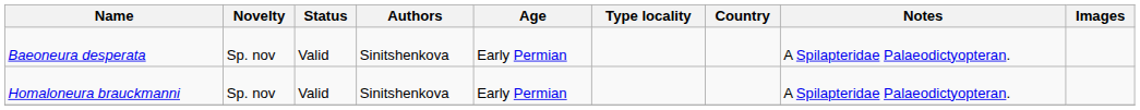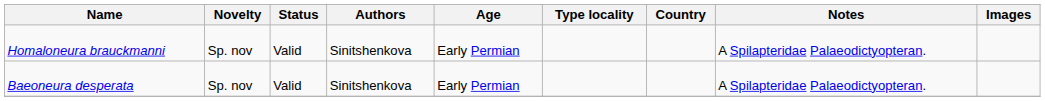 <table class="wikitable sortable" align="center" width="100%">
 <tr>
 <th>Name</th>
 <th>Novelty</th>
 <th>Status</th>
 <th>Authors</th>
 <th>Age</th>
 <th>Type locality</th>
 <th>Country</th>
 <th>Notes</th>
 <th>Images</th>
 </tr>
 <tr>
-<td><br><em><a href='#'>Baeoneura desperata</a></em></td>
+<td><br><em><a href='#'>Homaloneura brauckmanni</a></em></td>
 <td><br>Sp. nov</td>
 <td><br>Valid</td>
 <td><br>Sinitshenkova</td>
 <td><br>Early <a href='#'>Permian</a></td>
 <td></td>
 <td><br></td>
 <td><br>A <a href='#'>Spilapteridae</a> <a href='#'>Palaeodictyopteran</a>.</td>
 <td></td>
 </tr>
 <tr>
-<td><br><em><a href='#'>Homaloneura brauckmanni</a></em></td>
+<td><br><em><a href='#'>Baeoneura desperata</a></em></td>
 <td><br>Sp. nov</td>
 <td><br>Valid</td>
 <td><br>Sinitshenkova</td>
 <td><br>Early <a href='#'>Permian</a></td>
 <td></td>
 <td><br></td>
 <td><br>A <a href='#'>Spilapteridae</a> <a href='#'>Palaeodictyopteran</a>.</td>
 <td></td>
 </tr>
 <tr>
 </tr>
 </table>
